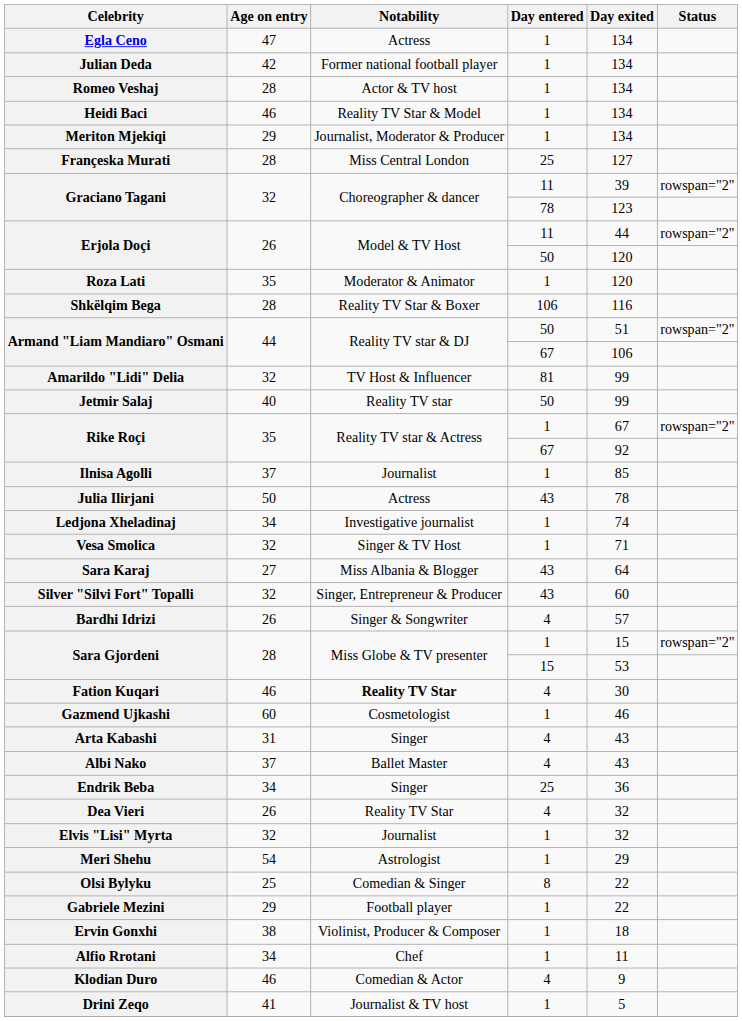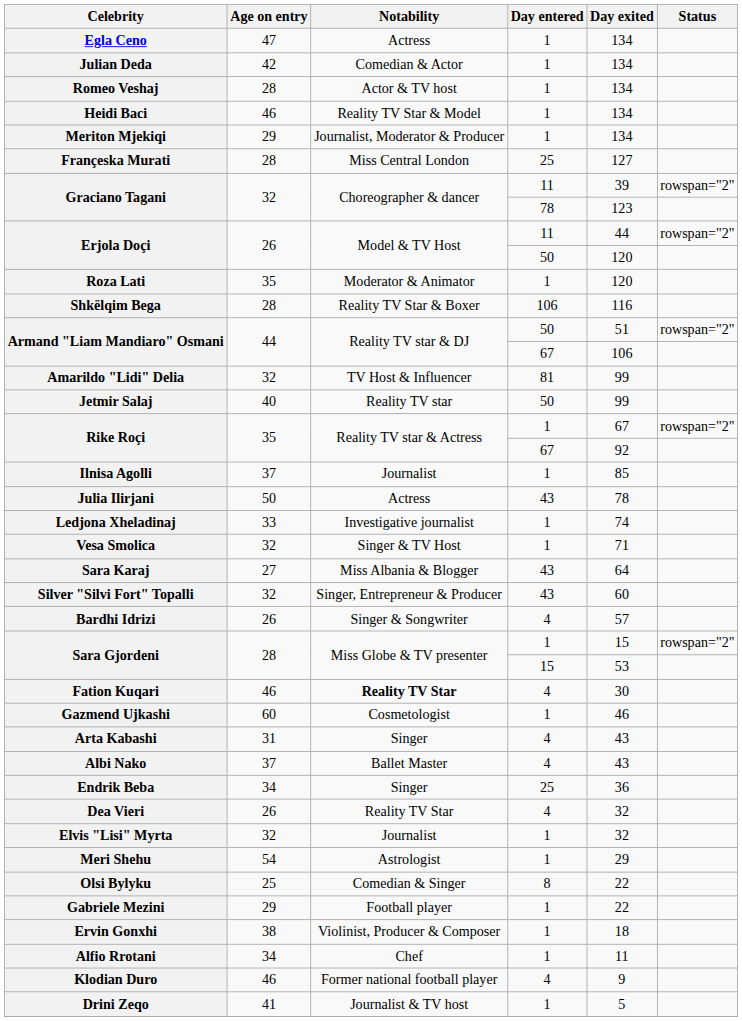 <table class="wikitable sortable" style="text-align:left; line-height:20px; width:auto;">
 <tr>
 <th scope="col">Celebrity</th>
 <th scope="col">Age on entry</th>
 <th scope="col">Notability</th>
 <th scope="col">Day entered</th>
 <th scope="col">Day exited</th>
 <th scope="col">Status</th>
 </tr>
 <tr>
 <th scope="row"><a href='#'>Egla Ceno</a></th>
 <td align="center">47</td>
 <td align="center">Actress</td>
 <td align="center">1</td>
 <td align="center">134</td>
 <td></td>
 </tr>
 <tr>
 <th scope="row">Julian Deda</th>
 <td align="center">42</td>
-<td align="center">Former national football player</td>
+<td align="center">Comedian & Actor</td>
 <td align="center">1</td>
 <td align="center">134</td>
 <td></td>
 </tr>
 <tr>
 <th scope="row">Romeo Veshaj</th>
 <td align="center">28</td>
 <td align="center">Actor & TV host</td>
 <td align="center">1</td>
 <td align="center">134</td>
 <td></td>
 </tr>
 <tr>
 <th scope="row">Heidi Baci</th>
 <td align="center">46</td>
 <td align="center">Reality TV Star & Model</td>
 <td align="center">1</td>
 <td align="center">134</td>
 <td></td>
 </tr>
 <tr>
 <th scope="row">Meriton Mjekiqi</th>
 <td align="center">29</td>
 <td align="center">Journalist, Moderator & Producer</td>
 <td align="center">1</td>
 <td align="center">134</td>
 <td></td>
 </tr>
 <tr>
 <th scope="row">Françeska Murati</th>
 <td align="center">28</td>
 <td align="center">Miss Central London</td>
 <td align="center">25</td>
 <td align="center">127</td>
 <td></td>
 </tr>
 <tr>
 <th scope="row" rowspan="2">Graciano Tagani</th>
 <td align="center" rowspan="2">32</td>
 <td align="center" rowspan="2">Choreographer & dancer</td>
 <td align="center">11</td>
 <td align="center">39</td>
 <td>rowspan="2" </td>
 </tr>
 <tr>
 <td align="center">78</td>
 <td align="center">123</td>
 </tr>
 <tr>
 <th scope="row" rowspan="2">Erjola Doçi</th>
 <td align="center" rowspan="2">26</td>
 <td align="center" rowspan="2">Model & TV Host</td>
 <td align="center">11</td>
 <td align="center">44</td>
 <td>rowspan="2" </td>
 </tr>
 <tr>
 <td align="center">50</td>
 <td align="center">120</td>
 </tr>
 <tr>
 <th scope="row">Roza Lati</th>
 <td align="center">35</td>
 <td align="center">Moderator & Animator</td>
 <td align="center">1</td>
 <td align="center">120</td>
 <td></td>
 </tr>
 <tr>
 <th scope="row">Shkëlqim Bega</th>
 <td align="center">28</td>
 <td align="center">Reality TV Star & Boxer</td>
 <td align="center">106</td>
 <td align="center">116</td>
 <td></td>
 </tr>
 <tr>
 <th scope="row" rowspan="2">Armand "Liam Mandiaro" Osmani</th>
 <td align="center" rowspan="2">44</td>
 <td align="center" rowspan="2">Reality TV star & DJ</td>
 <td align="center">50</td>
 <td align="center">51</td>
 <td>rowspan="2" </td>
 </tr>
 <tr>
 <td align="center">67</td>
 <td align="center">106</td>
 </tr>
 <tr>
 <th scope="row">Amarildo "Lidi" Delia</th>
 <td align="center">32</td>
 <td align="center">TV Host & Influencer</td>
 <td align="center">81</td>
 <td align="center">99</td>
 <td></td>
 </tr>
 <tr>
 <th scope="row">Jetmir Salaj</th>
 <td align="center">40</td>
 <td align="center">Reality TV star</td>
 <td align="center">50</td>
 <td align="center">99</td>
 <td></td>
 </tr>
 <tr>
 <th scope="row" rowspan="2">Rike Roçi</th>
 <td align="center" rowspan="2">35</td>
 <td align="center" rowspan="2">Reality TV star & Actress</td>
 <td align="center">1</td>
 <td align="center">67</td>
 <td>rowspan="2" </td>
 </tr>
 <tr>
 <td align="center">67</td>
 <td align="center">92</td>
 </tr>
 <tr>
 <th scope="row">Ilnisa Agolli</th>
 <td align="center">37</td>
 <td align="center">Journalist</td>
 <td align="center">1</td>
 <td align="center">85</td>
 <td></td>
 </tr>
 <tr>
 <th scope="row">Julia Ilirjani</th>
 <td align="center">50</td>
 <td align="center">Actress</td>
 <td align="center">43</td>
 <td align="center">78</td>
 <td></td>
 </tr>
 <tr>
 <th scope="row">Ledjona Xheladinaj</th>
-<td align="center">34</td>
+<td align="center">33</td>
 <td align="center">Investigative journalist</td>
 <td align="center">1</td>
 <td align="center">74</td>
 <td></td>
 </tr>
 <tr>
 <th scope="row">Vesa Smolica</th>
 <td align="center">32</td>
 <td align="center">Singer & TV Host</td>
 <td align="center">1</td>
 <td align="center">71</td>
 <td></td>
 </tr>
 <tr>
 <th scope="row">Sara Karaj</th>
 <td align="center">27</td>
 <td align="center">Miss Albania & Blogger</td>
 <td align="center">43</td>
 <td align="center">64</td>
 <td></td>
 </tr>
 <tr>
 <th scope="row">Silver "Silvi Fort" Topalli</th>
 <td align="center">32</td>
 <td align="center">Singer, Entrepreneur & Producer</td>
 <td align="center">43</td>
 <td align="center">60</td>
 <td></td>
 </tr>
 <tr>
 <th scope="row">Bardhi Idrizi</th>
 <td align="center">26</td>
 <td align="center">Singer & Songwriter</td>
 <td align="center">4</td>
 <td align="center">57</td>
 <td></td>
 </tr>
 <tr>
 <th scope="row" rowspan="2">Sara  Gjordeni</th>
 <td align="center" rowspan="2">28</td>
 <td align="center" rowspan="2">Miss Globe & TV presenter</td>
 <td align="center">1</td>
 <td align="center">15</td>
 <td>rowspan="2" </td>
 </tr>
 <tr>
 <td align="center">15</td>
 <td align="center">53</td>
 </tr>
 <tr>
 <th scope="row">Fation Kuqari</th>
 <td align="center">46</td>
 <td align="center"><strong>Reality TV Star</strong></td>
 <td align="center">4</td>
 <td align="center">30</td>
 <td></td>
 </tr>
 <tr>
 <th scope="row">Gazmend Ujkashi</th>
 <td align="center">60</td>
 <td align="center">Cosmetologist</td>
 <td align="center">1</td>
 <td align="center">46</td>
 <td></td>
 </tr>
 <tr>
 <th scope="row">Arta Kabashi</th>
 <td align="center">31</td>
 <td align="center">Singer</td>
 <td align="center">4</td>
 <td align="center">43</td>
 <td></td>
 </tr>
 <tr>
 <th scope="row">Albi Nako</th>
 <td align="center">37</td>
 <td align="center">Ballet Master</td>
 <td align="center">4</td>
 <td align="center">43</td>
 <td></td>
 </tr>
 <tr>
 <th scope="row">Endrik Beba</th>
 <td align="center">34</td>
 <td align="center">Singer</td>
 <td align="center">25</td>
 <td align="center">36</td>
 <td></td>
 </tr>
 <tr>
 <th scope="row">Dea Vieri</th>
 <td align="center">26</td>
 <td align="center">Reality TV Star</td>
 <td align="center">4</td>
 <td align="center">32</td>
 <td></td>
 </tr>
 <tr>
 <th scope="row">Elvis "Lisi" Myrta</th>
 <td align="center">32</td>
 <td align="center">Journalist</td>
 <td align="center">1</td>
 <td align="center">32</td>
 <td></td>
 </tr>
 <tr>
 <th scope="row">Meri Shehu</th>
 <td align="center">54</td>
 <td align="center">Astrologist</td>
 <td align="center">1</td>
 <td align="center">29</td>
 <td></td>
 </tr>
 <tr>
 <th scope="row">Olsi Bylyku</th>
 <td align="center">25</td>
 <td align="center">Comedian & Singer</td>
 <td align="center">8</td>
 <td align="center">22</td>
 <td></td>
 </tr>
 <tr>
 <th scope="row">Gabriele Mezini</th>
 <td align="center">29</td>
 <td align="center">Football player</td>
 <td align="center">1</td>
 <td align="center">22</td>
 <td></td>
 </tr>
 <tr>
 <th scope="row">Ervin Gonxhi</th>
 <td align="center">38</td>
 <td align="center">Violinist, Producer & Composer</td>
 <td align="center">1</td>
 <td align="center">18</td>
 <td></td>
 </tr>
 <tr>
 <th scope="row">Alfio Rrotani</th>
 <td align="center">34</td>
 <td align="center">Chef</td>
 <td align="center">1</td>
 <td align="center">11</td>
 <td></td>
 </tr>
 <tr>
 <th scope="row">Klodian Duro</th>
 <td align="center">46</td>
-<td align="center">Comedian & Actor</td>
+<td align="center">Former national football player</td>
 <td align="center">4</td>
 <td align="center">9</td>
 <td></td>
 </tr>
 <tr>
 <th scope="row">Drini Zeqo</th>
 <td align="center">41</td>
 <td align="center">Journalist & TV host</td>
 <td align="center">1</td>
 <td align="center">5</td>
 <td></td>
 </tr>
 <tr>
 </tr>
 </table>
